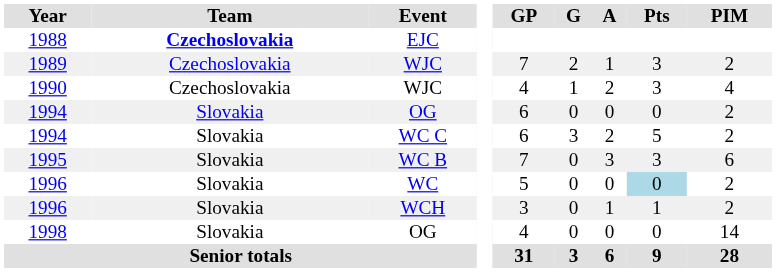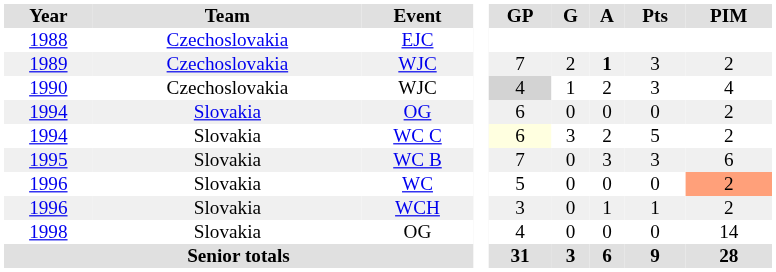 <table border="0" cellpadding="1" cellspacing="0" style="text-align:center; width:40em">
 <tr ALIGN="center" bgcolor="#e0e0e0">
 <th>Year</th>
 <th>Team</th>
 <th>Event</th>
 <th rowspan="99" bgcolor="#ffffff"> </th>
 <th>GP</th>
 <th>G</th>
 <th>A</th>
 <th>Pts</th>
 <th>PIM</th>
 </tr>
 <tr>
 <td><a href='#'>1988</a></td>
-<td><strong><a href='#'>Czechoslovakia</a></strong></td>
+<td><a href='#'>Czechoslovakia</a></td>
 <td><a href='#'>EJC</a></td>
 <td></td>
 <td></td>
 <td></td>
 <td></td>
 <td></td>
 </tr>
 <tr bgcolor="#f0f0f0">
 <td><a href='#'>1989</a></td>
 <td><a href='#'>Czechoslovakia</a></td>
 <td><a href='#'>WJC</a></td>
 <td>7</td>
 <td>2</td>
-<td>1</td>
+<td><strong>1</strong></td>
 <td>3</td>
 <td>2</td>
 </tr>
 <tr>
 <td><a href='#'>1990</a></td>
 <td>Czechoslovakia</td>
 <td>WJC</td>
-<td>4</td>
+<td style="background: lightgrey;">4</td>
 <td>1</td>
 <td>2</td>
 <td>3</td>
 <td>4</td>
 </tr>
 <tr bgcolor="#f0f0f0">
 <td><a href='#'>1994</a></td>
 <td><a href='#'>Slovakia</a></td>
 <td><a href='#'>OG</a></td>
 <td>6</td>
 <td>0</td>
 <td>0</td>
 <td>0</td>
 <td>2</td>
 </tr>
 <tr>
 <td><a href='#'>1994</a></td>
 <td>Slovakia</td>
 <td><a href='#'>WC C</a></td>
-<td>6</td>
+<td style="background: lightyellow;">6</td>
 <td>3</td>
 <td>2</td>
 <td>5</td>
 <td>2</td>
 </tr>
 <tr bgcolor="#f0f0f0">
 <td><a href='#'>1995</a></td>
 <td>Slovakia</td>
 <td><a href='#'>WC B</a></td>
 <td>7</td>
 <td>0</td>
 <td>3</td>
 <td>3</td>
 <td>6</td>
 </tr>
 <tr>
 <td><a href='#'>1996</a></td>
 <td>Slovakia</td>
 <td><a href='#'>WC</a></td>
 <td>5</td>
 <td>0</td>
 <td>0</td>
-<td style="background: lightblue;">0</td>
-<td>2</td>
+<td>0</td>
+<td style="background: lightsalmon;">2</td>
 </tr>
 <tr bgcolor="#f0f0f0">
 <td><a href='#'>1996</a></td>
 <td>Slovakia</td>
 <td><a href='#'>WCH</a></td>
 <td>3</td>
 <td>0</td>
 <td>1</td>
 <td>1</td>
 <td>2</td>
 </tr>
 <tr>
 <td><a href='#'>1998</a></td>
 <td>Slovakia</td>
 <td>OG</td>
 <td>4</td>
 <td>0</td>
 <td>0</td>
 <td>0</td>
 <td>14</td>
 </tr>
 <tr bgcolor="#e0e0e0">
 <th colspan=3>Senior totals</th>
 <th>31</th>
 <th>3</th>
 <th>6</th>
 <th>9</th>
 <th>28</th>
 </tr>
 </table>
